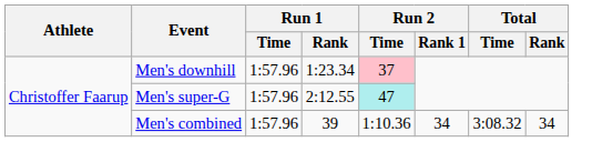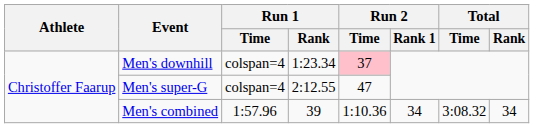 <table class="wikitable" style="font-size:90%">
 <tr>
 <th rowspan=2>Athlete</th>
 <th rowspan=2>Event</th>
 <th colspan=2>Run 1</th>
 <th colspan=2>Run 2</th>
 <th colspan=2>Total</th>
 </tr>
 <tr style="font-size:95%">
 <th>Time</th>
 <th>Rank</th>
 <th>Time</th>
 <th>Rank 1</th>
 <th>Time</th>
 <th>Rank</th>
 </tr>
 <tr align=center>
 <td align=left rowspan=3><a href='#'>Christoffer Faarup</a></td>
 <td align=left><a href='#'>Men's downhill</a></td>
-<td>1:57.96</td>
+<td>colspan=4 </td>
 <td>1:23.34</td>
 <td style="background: pink;">37</td>
 </tr>
 <tr align=center>
 <td align=left><a href='#'>Men's super-G</a></td>
-<td>1:57.96</td>
+<td>colspan=4 </td>
 <td>2:12.55</td>
-<td style="background: paleturquoise;">47</td>
+<td>47</td>
 </tr>
 <tr align=center>
 <td align=left><a href='#'>Men's combined</a></td>
 <td>1:57.96</td>
 <td>39</td>
 <td>1:10.36</td>
 <td>34</td>
 <td>3:08.32</td>
 <td>34</td>
 </tr>
 </table>
